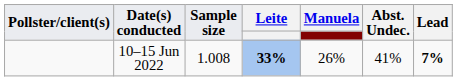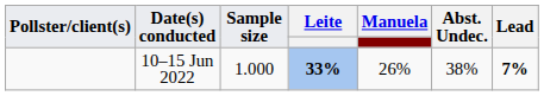 <table class="wikitable sortable" style="text-align:center;font-size:90%;line-height:14px;">
 <tr>
 <td rowspan="2" class="unsortable" style="width:50px;background:#eaecf0;"><strong>Pollster/client(s)</strong></td>
 <td rowspan="2" class="unsortable" style="width:50px;background:#eaecf0;"><strong>Date(s)<br>conducted</strong></td>
 <td rowspan="2" class="unsortable" style="width:50px;background:#eaecf0;"><strong>Sample<br> size</strong></td>
 <th class="unsortable" style="width:50px;"><a href='#'>Leite</a><br></th>
 <th class="unsortable" style="width:50px;"><a href='#'>Manuela</a><br></th>
 <th rowspan="2" class="unsortable">Abst.<br>Undec.</th>
 <th rowspan="2" class="unsortable">Lead</th>
 </tr>
 <tr>
 <th data-sort-type="number" class="sortable" style="background:"></th>
 <th data-sort-type="number" class="sortable" style="background:#820000;"></th>
 </tr>
 <tr>
 <td></td>
 <td>10–15 Jun 2022</td>
-<td>1.008</td>
+<td>1.000</td>
 <td style="background:#a5c6f0;"><strong>33%</strong></td>
 <td>26%</td>
-<td>41%</td>
+<td>38%</td>
 <td style="background:"><strong>7%</strong></td>
 </tr>
 </table>
